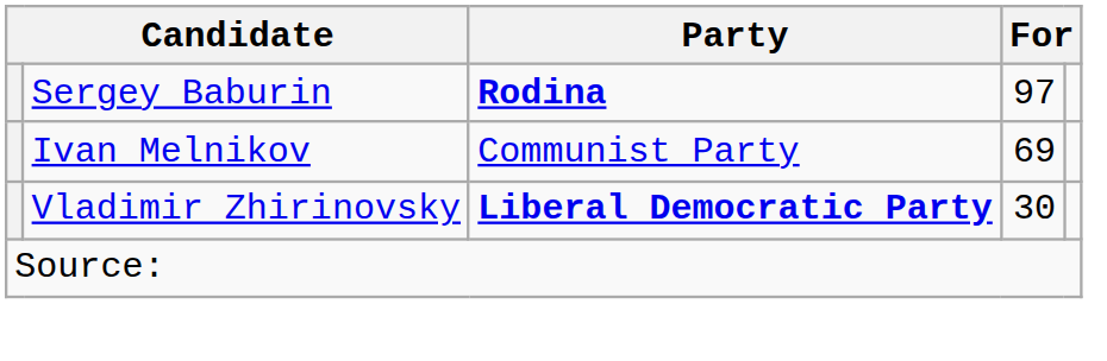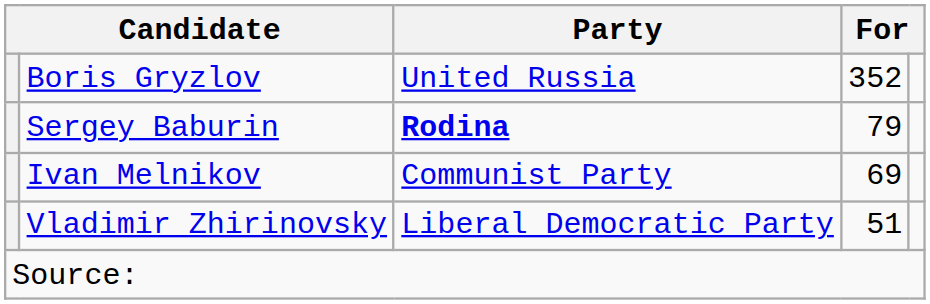 <table class=wikitable>
 <tr>
 <th colspan=2>Candidate</th>
 <th>Party</th>
 <th colspan=2>For</th>
 </tr>
 <tr>
 <th style="background-color:"></th>
+<td><a href='#'>Boris Gryzlov</a></td>
+<td><a href='#'>United Russia</a></td>
+<td style="text-align:right">352</td>
+<td style="text-align:right"></td>
+</tr>
+<tr>
+<th style="background-color:"></th>
 <td><a href='#'>Sergey Baburin</a></td>
 <td><strong><a href='#'>Rodina</a></strong></td>
-<td style="text-align:right">97</td>
+<td style="text-align:right">79</td>
 <td style="text-align:right"></td>
 </tr>
 <tr>
 <th style="background-color:"></th>
 <td><a href='#'>Ivan Melnikov</a></td>
 <td><a href='#'>Communist Party</a></td>
 <td style="text-align:right">69</td>
 <td style="text-align:right"></td>
 </tr>
 <tr>
 <th style="background-color:"></th>
 <td><a href='#'>Vladimir Zhirinovsky</a></td>
-<td><strong><a href='#'>Liberal Democratic Party</a></strong></td>
-<td style="text-align:right">30</td>
+<td><a href='#'>Liberal Democratic Party</a></td>
+<td style="text-align:right">51</td>
 <td style="text-align:right"></td>
 </tr>
 <tr>
 <td style="text-align:left;" colspan=5>Source: </td>
 </tr>
 </table>
